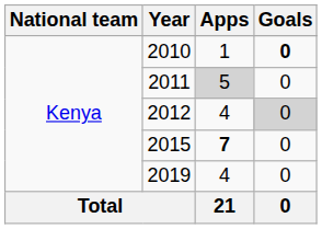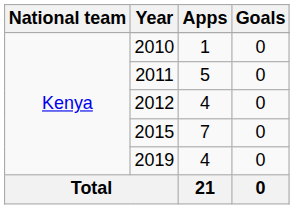 <table class="wikitable" style="text-align:center">
 <tr>
 <th>National team</th>
 <th>Year</th>
 <th>Apps</th>
 <th>Goals</th>
 </tr>
 <tr>
 <td rowspan="6"><a href='#'>Kenya</a></td>
 </tr>
 <tr>
 <td>2010</td>
 <td>1</td>
-<td><strong>0</strong></td>
+<td>0</td>
 </tr>
 <tr>
 <td>2011</td>
-<td style="background: lightgrey;">5</td>
+<td>5</td>
 <td>0</td>
 </tr>
 <tr>
 <td>2012</td>
 <td>4</td>
-<td style="background: lightgrey;">0</td>
+<td>0</td>
 </tr>
 <tr>
 <td>2015</td>
-<td><strong>7</strong></td>
+<td>7</td>
 <td>0</td>
 </tr>
 <tr>
 <td>2019</td>
 <td>4</td>
 <td>0</td>
 </tr>
 <tr>
 <th colspan=2>Total</th>
 <th>21</th>
 <th>0</th>
 </tr>
 </table>
